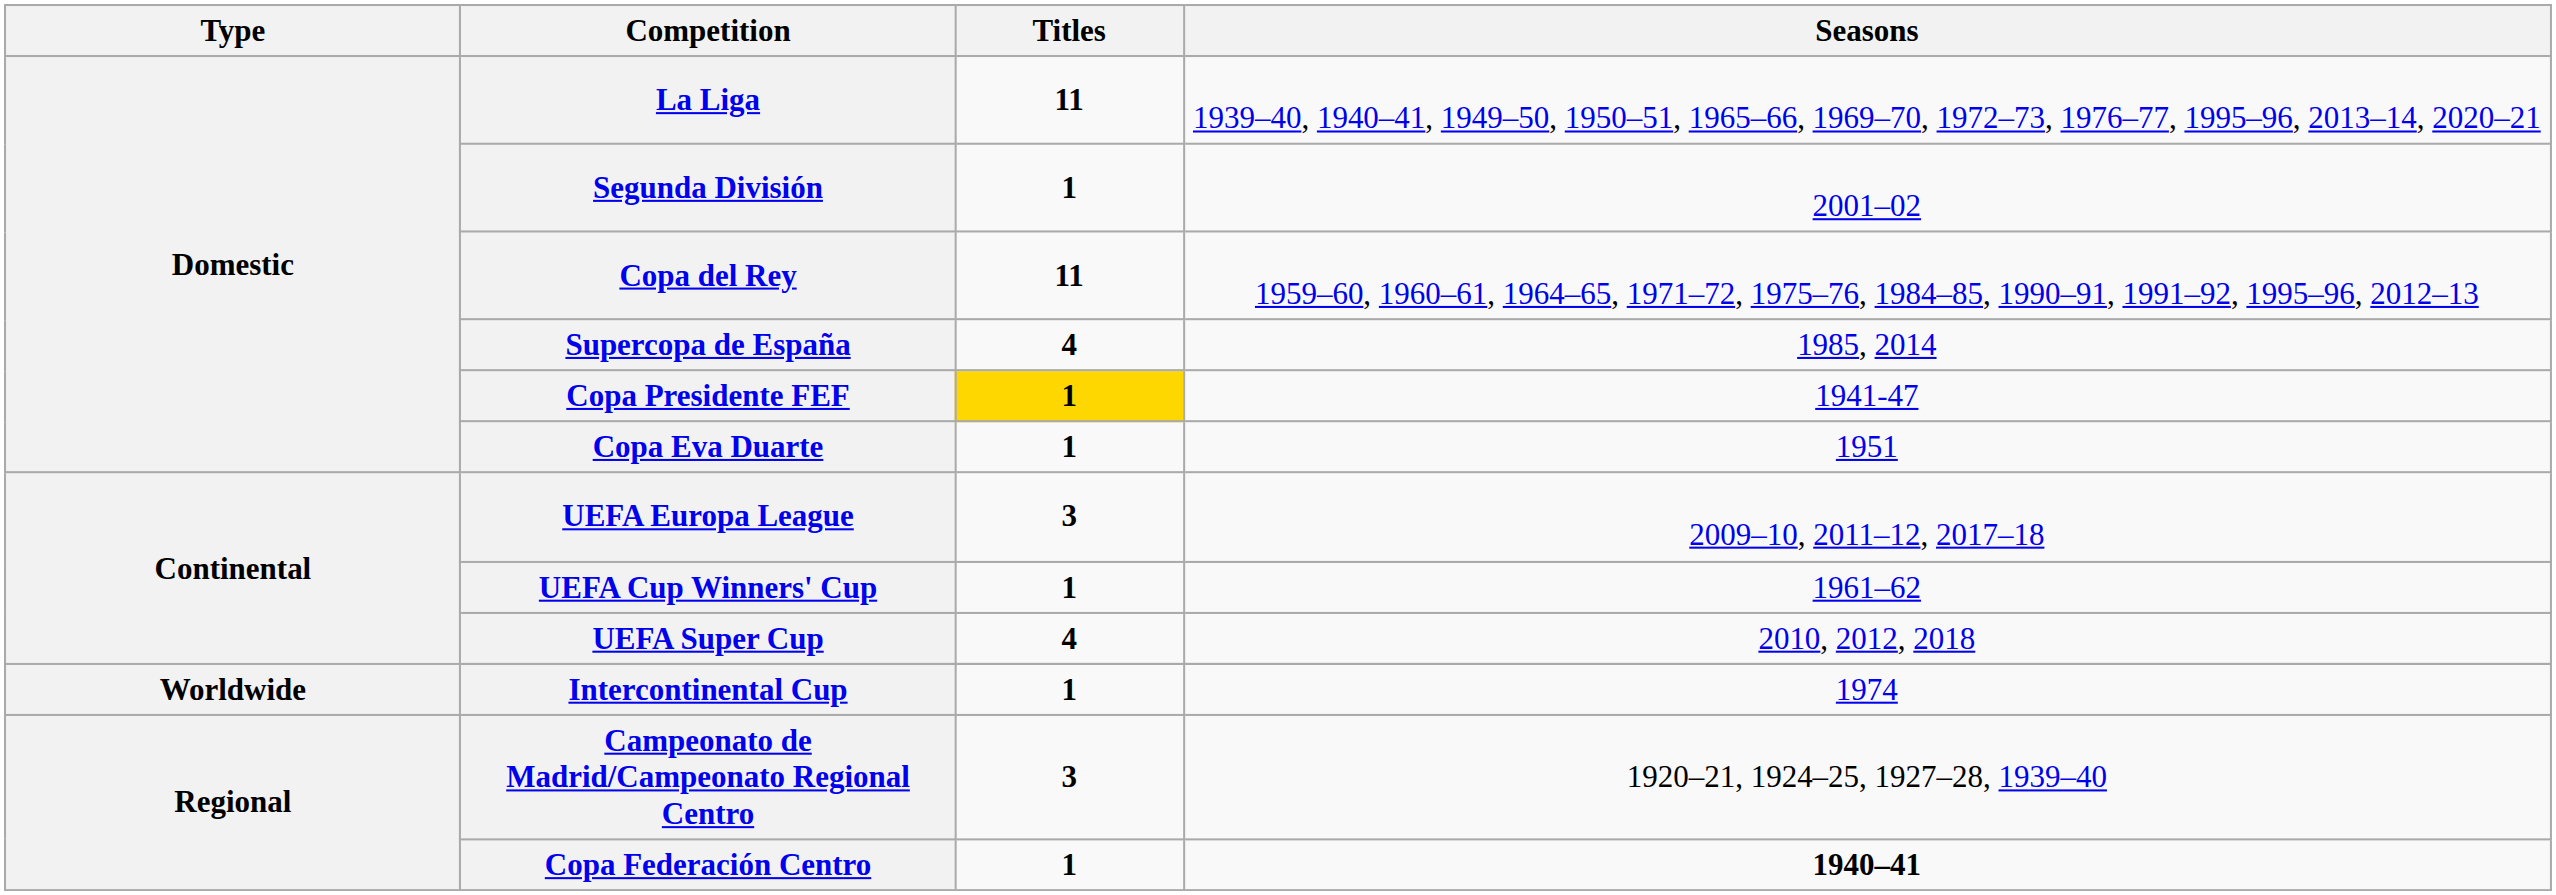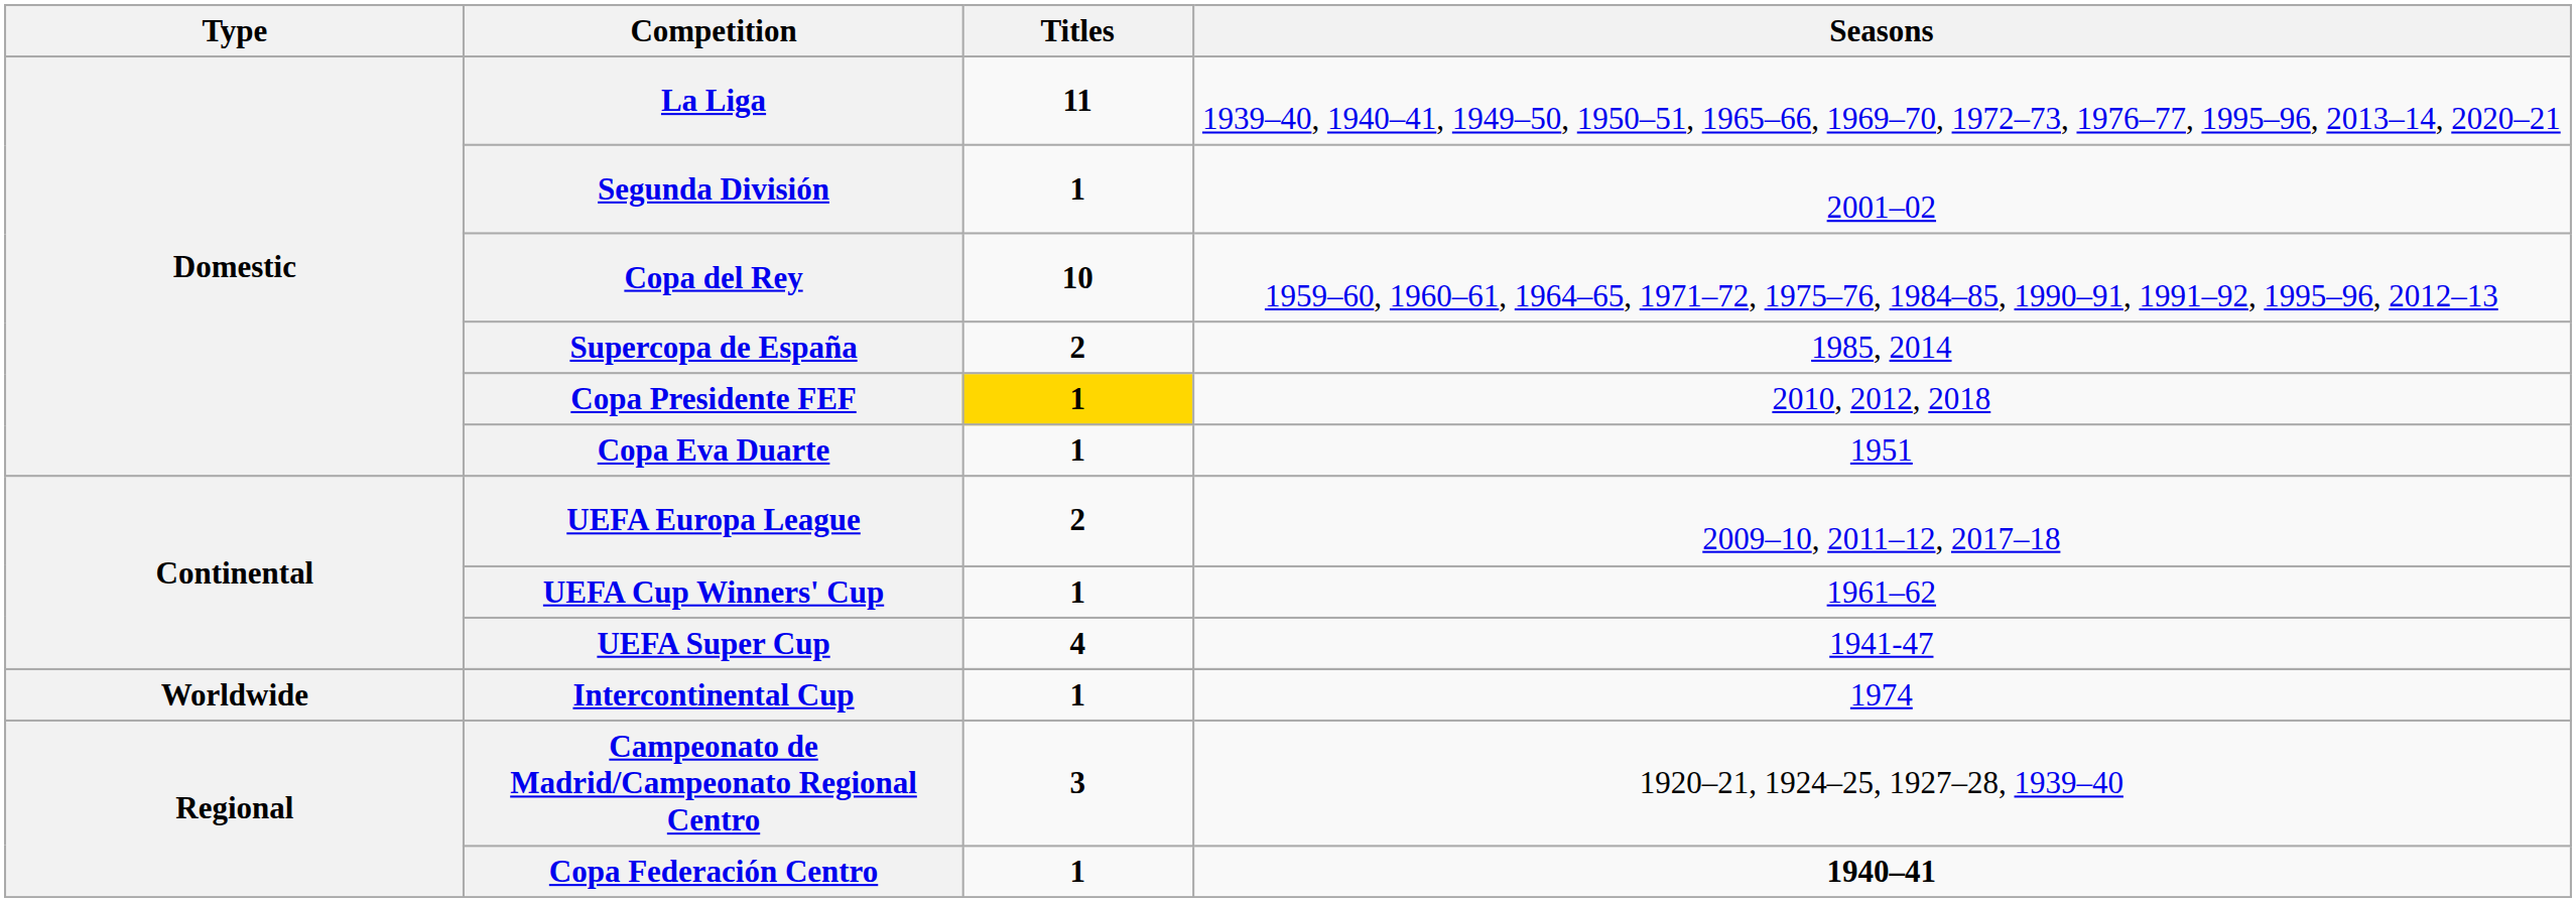 <table class="wikitable sortable plainrowheaders" style="font-size:95%; text-align:center;">
 <tr>
 <th style="width: 10%;">Type</th>
 <th style="width: 10%;">Competition</th>
 <th style="width: 5%;">Titles</th>
 <th style="width: 30%;">Seasons</th>
 </tr>
 <tr>
 <th rowspan="6"><strong>Domestic</strong></th>
 <th scope="col"><a href='#'>La Liga</a></th>
 <td scope=col style="background-"><strong>11</strong></td>
 <td><br><a href='#'>1939–40</a>, <a href='#'>1940–41</a>, <a href='#'>1949–50</a>, <a href='#'>1950–51</a>, <a href='#'>1965–66</a>, <a href='#'>1969–70</a>, <a href='#'>1972–73</a>, <a href='#'>1976–77</a>, <a href='#'>1995–96</a>, <a href='#'>2013–14</a>, <a href='#'>2020–21</a></td>
 </tr>
 <tr>
 <th scope=col><a href='#'>Segunda División</a></th>
 <td><strong>1</strong></td>
 <td><br><a href='#'>2001–02</a></td>
 </tr>
 <tr>
 <th scope=col><a href='#'>Copa del Rey</a></th>
-<td><strong>11</strong></td>
+<td><strong>10</strong></td>
 <td><br><a href='#'>1959–60</a>, <a href='#'>1960–61</a>, <a href='#'>1964–65</a>, <a href='#'>1971–72</a>, <a href='#'>1975–76</a>, <a href='#'>1984–85</a>, <a href='#'>1990–91</a>, <a href='#'>1991–92</a>, <a href='#'>1995–96</a>, <a href='#'>2012–13</a></td>
 </tr>
 <tr>
 <th scope=col><a href='#'>Supercopa de España</a></th>
-<td><strong>4</strong></td>
+<td><strong>2</strong></td>
 <td><a href='#'>1985</a>, <a href='#'>2014</a></td>
 </tr>
 <tr>
 <th scope=col><a href='#'><strong>Copa Presidente FEF</strong></a></th>
 <td scope=col style="background-color: gold"><strong>1</strong></td>
-<td><a href='#'>1941-47</a></td>
+<td><a href='#'>2010</a>, <a href='#'>2012</a>, <a href='#'>2018</a></td>
 </tr>
 <tr>
 <th scope=col><a href='#'>Copa Eva Duarte</a></th>
 <td><strong>1</strong></td>
 <td><a href='#'>1951</a></td>
 </tr>
 <tr>
 <th rowspan="3"><strong>Continental</strong></th>
 <th scope="col"><a href='#'>UEFA Europa League</a></th>
-<td><strong>3</strong></td>
+<td><strong>2</strong></td>
 <td><br><a href='#'>2009–10</a>, <a href='#'>2011–12</a>, <a href='#'>2017–18</a></td>
 </tr>
 <tr>
 <th scope=col><a href='#'>UEFA Cup Winners' Cup</a></th>
 <td><strong>1</strong></td>
 <td><a href='#'>1961–62</a></td>
 </tr>
 <tr>
 <th scope=col><a href='#'>UEFA Super Cup</a></th>
 <td><strong>4</strong></td>
-<td><a href='#'>2010</a>, <a href='#'>2012</a>, <a href='#'>2018</a></td>
+<td><a href='#'>1941-47</a></td>
 </tr>
 <tr>
 <th rowspan="2"><strong>Worldwide</strong></th>
 </tr>
 <tr>
 <th scope=col><a href='#'>Intercontinental Cup</a></th>
 <td><strong>1</strong></td>
 <td><a href='#'>1974</a></td>
 </tr>
 <tr>
 <th rowspan="2"><strong>Regional</strong></th>
 <th scope="col"><a href='#'>Campeonato de Madrid/Campeonato Regional Centro</a></th>
 <td><strong>3</strong></td>
 <td>1920–21, 1924–25, 1927–28, <a href='#'>1939–40</a></td>
 </tr>
 <tr>
 <th scope=col><a href='#'>Copa Federación Centro</a></th>
 <td><strong>1</strong></td>
 <td><strong>1940–41</strong></td>
 </tr>
 <tr>
 </tr>
 </table>
